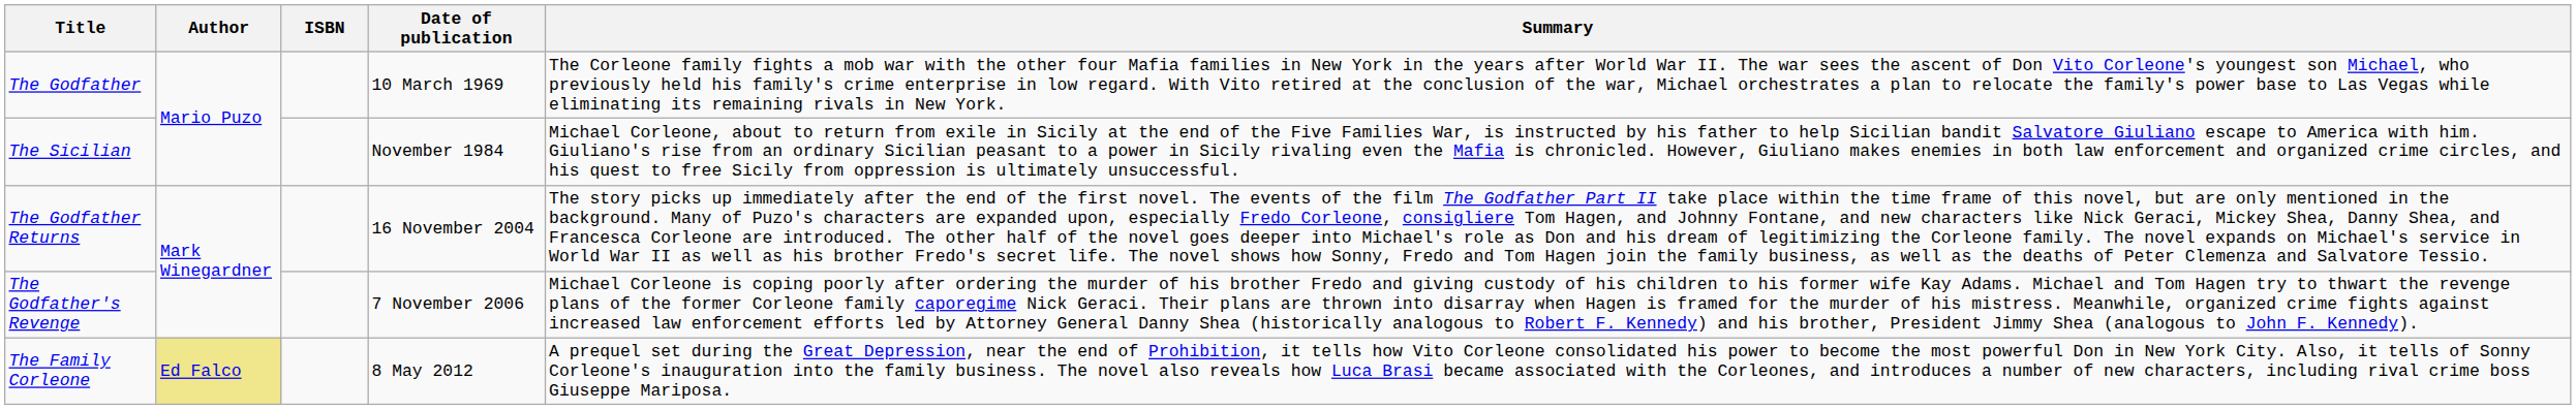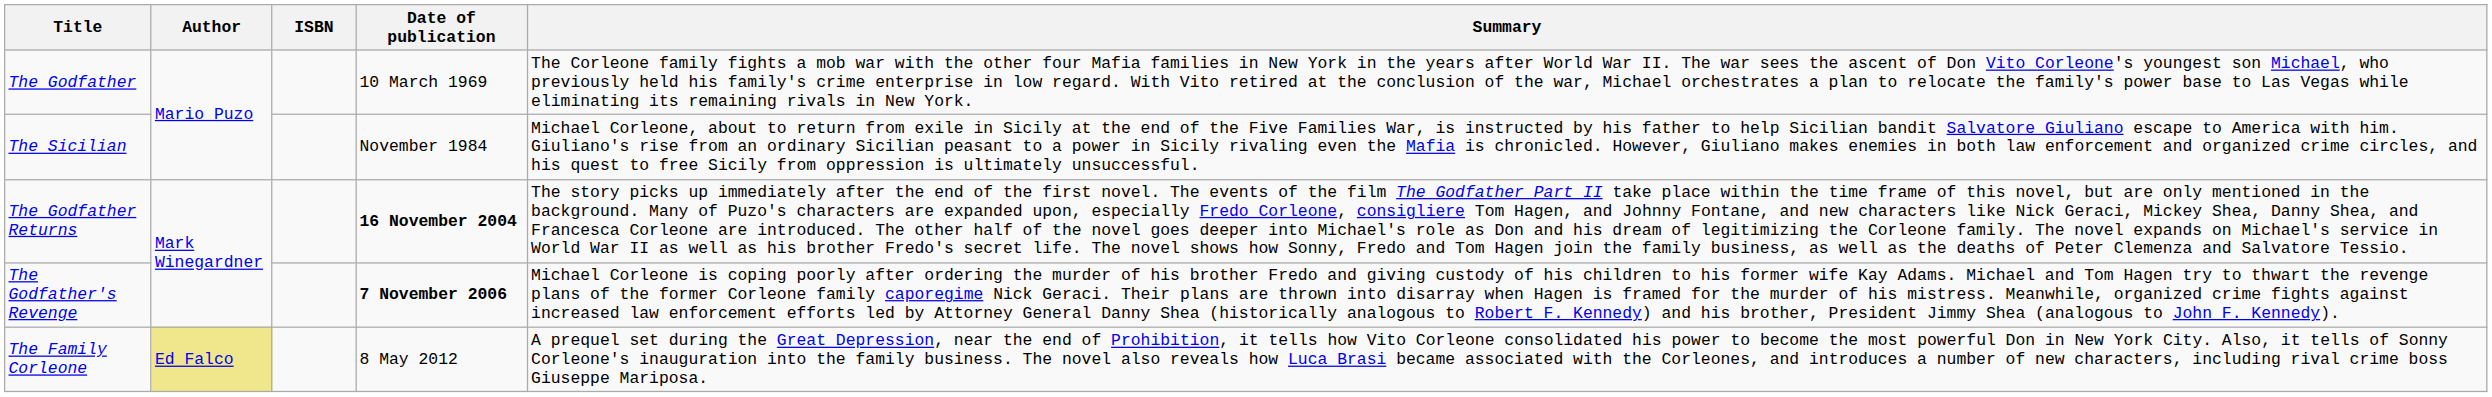 <table class="wikitable" style="border:darkgrey;">
 <tr>
 <th style="width:110px;">Title</th>
 <th style="width:90px;">Author</th>
 <th style="width:60px;">ISBN</th>
 <th style="width:130px;">Date of publication</th>
 <th>Summary</th>
 </tr>
 <tr>
 <td><em><a href='#'>The Godfather</a></em></td>
 <td rowspan="2"><a href='#'>Mario Puzo</a></td>
 <td></td>
 <td>10 March 1969</td>
 <td>The Corleone family fights a mob war with the other four Mafia families in New York in the years after World War II. The war sees the ascent of Don <a href='#'>Vito Corleone</a>'s youngest son <a href='#'>Michael</a>, who previously held his family's crime enterprise in low regard. With Vito retired at the conclusion of the war, Michael orchestrates a plan to relocate the family's power base to Las Vegas while eliminating its remaining rivals in New York.</td>
 </tr>
 <tr>
 <td><em><a href='#'>The Sicilian</a></em></td>
 <td></td>
 <td>November 1984</td>
 <td>Michael Corleone, about to return from exile in Sicily at the end of the Five Families War, is instructed by his father to help Sicilian bandit <a href='#'>Salvatore Giuliano</a> escape to America with him. Giuliano's rise from an ordinary Sicilian peasant to a power in Sicily rivaling even the <a href='#'>Mafia</a> is chronicled. However, Giuliano makes enemies in both law enforcement and organized crime circles, and his quest to free Sicily from oppression is ultimately unsuccessful.</td>
 </tr>
 <tr>
 <td><em><a href='#'>The Godfather Returns</a></em></td>
 <td rowspan="2"><a href='#'>Mark Winegardner</a></td>
 <td></td>
-<td>16 November 2004</td>
+<td><strong>16 November 2004</strong></td>
 <td>The story picks up immediately after the end of the first novel. The events of the film <em><a href='#'>The Godfather Part II</a></em> take place within the time frame of this novel, but are only mentioned in the background. Many of Puzo's characters are expanded upon, especially <a href='#'>Fredo Corleone</a>, <a href='#'>consigliere</a> Tom Hagen, and Johnny Fontane, and new characters like Nick Geraci, Mickey Shea, Danny Shea, and Francesca Corleone are introduced. The other half of the novel goes deeper into Michael's role as Don and his dream of legitimizing the Corleone family. The novel expands on Michael's service in World War II as well as his brother Fredo's secret life. The novel shows how Sonny, Fredo and Tom Hagen join the family business, as well as the deaths of Peter Clemenza and Salvatore Tessio.</td>
 </tr>
 <tr>
 <td><em><a href='#'>The Godfather's Revenge</a></em></td>
 <td></td>
-<td>7 November 2006</td>
+<td><strong>7 November 2006</strong></td>
 <td>Michael Corleone is coping poorly after ordering the murder of his brother Fredo and giving custody of his children to his former wife Kay Adams. Michael and Tom Hagen try to thwart the revenge plans of the former Corleone family <a href='#'>caporegime</a> Nick Geraci. Their plans are thrown into disarray when Hagen is framed for the murder of his mistress. Meanwhile, organized crime fights against increased law enforcement efforts led by Attorney General Danny Shea (historically analogous to <a href='#'>Robert F. Kennedy</a>) and his brother, President Jimmy Shea (analogous to <a href='#'>John F. Kennedy</a>).</td>
 </tr>
 <tr>
 <td><em><a href='#'>The Family Corleone</a></em></td>
 <td style="background: khaki;"><a href='#'>Ed Falco</a></td>
 <td></td>
 <td>8 May 2012</td>
 <td>A prequel set during the <a href='#'>Great Depression</a>, near the end of <a href='#'>Prohibition</a>, it tells how Vito Corleone consolidated his power to become the most powerful Don in New York City. Also, it tells of Sonny Corleone's inauguration into the family business. The novel also reveals how <a href='#'>Luca Brasi</a> became associated with the Corleones, and introduces a number of new characters, including rival crime boss Giuseppe Mariposa.</td>
 </tr>
 </table>
